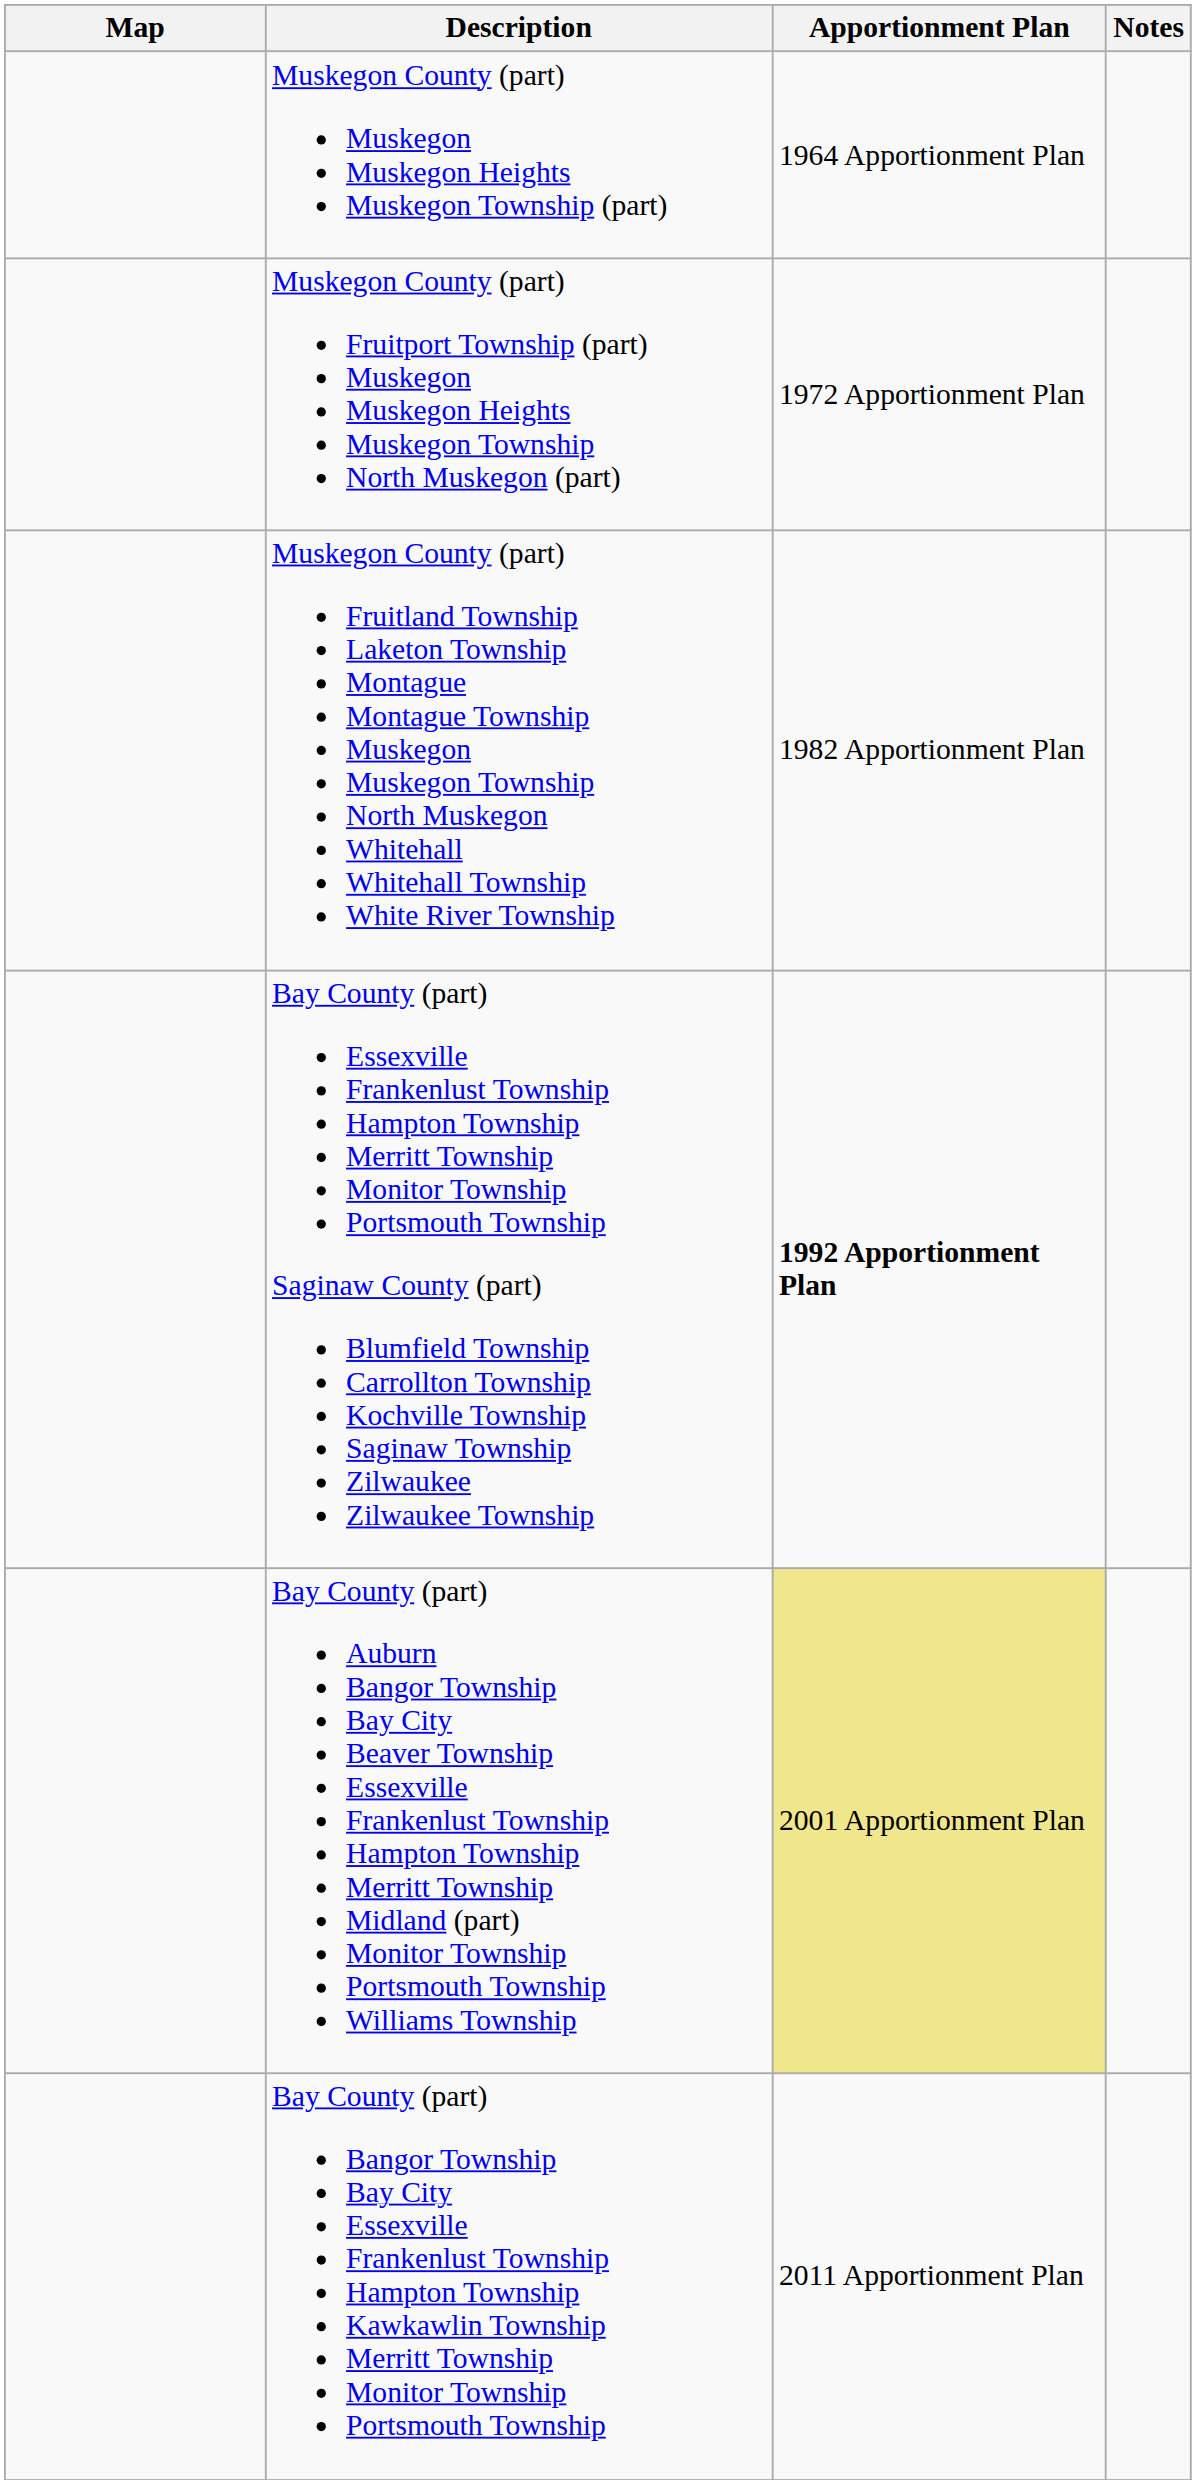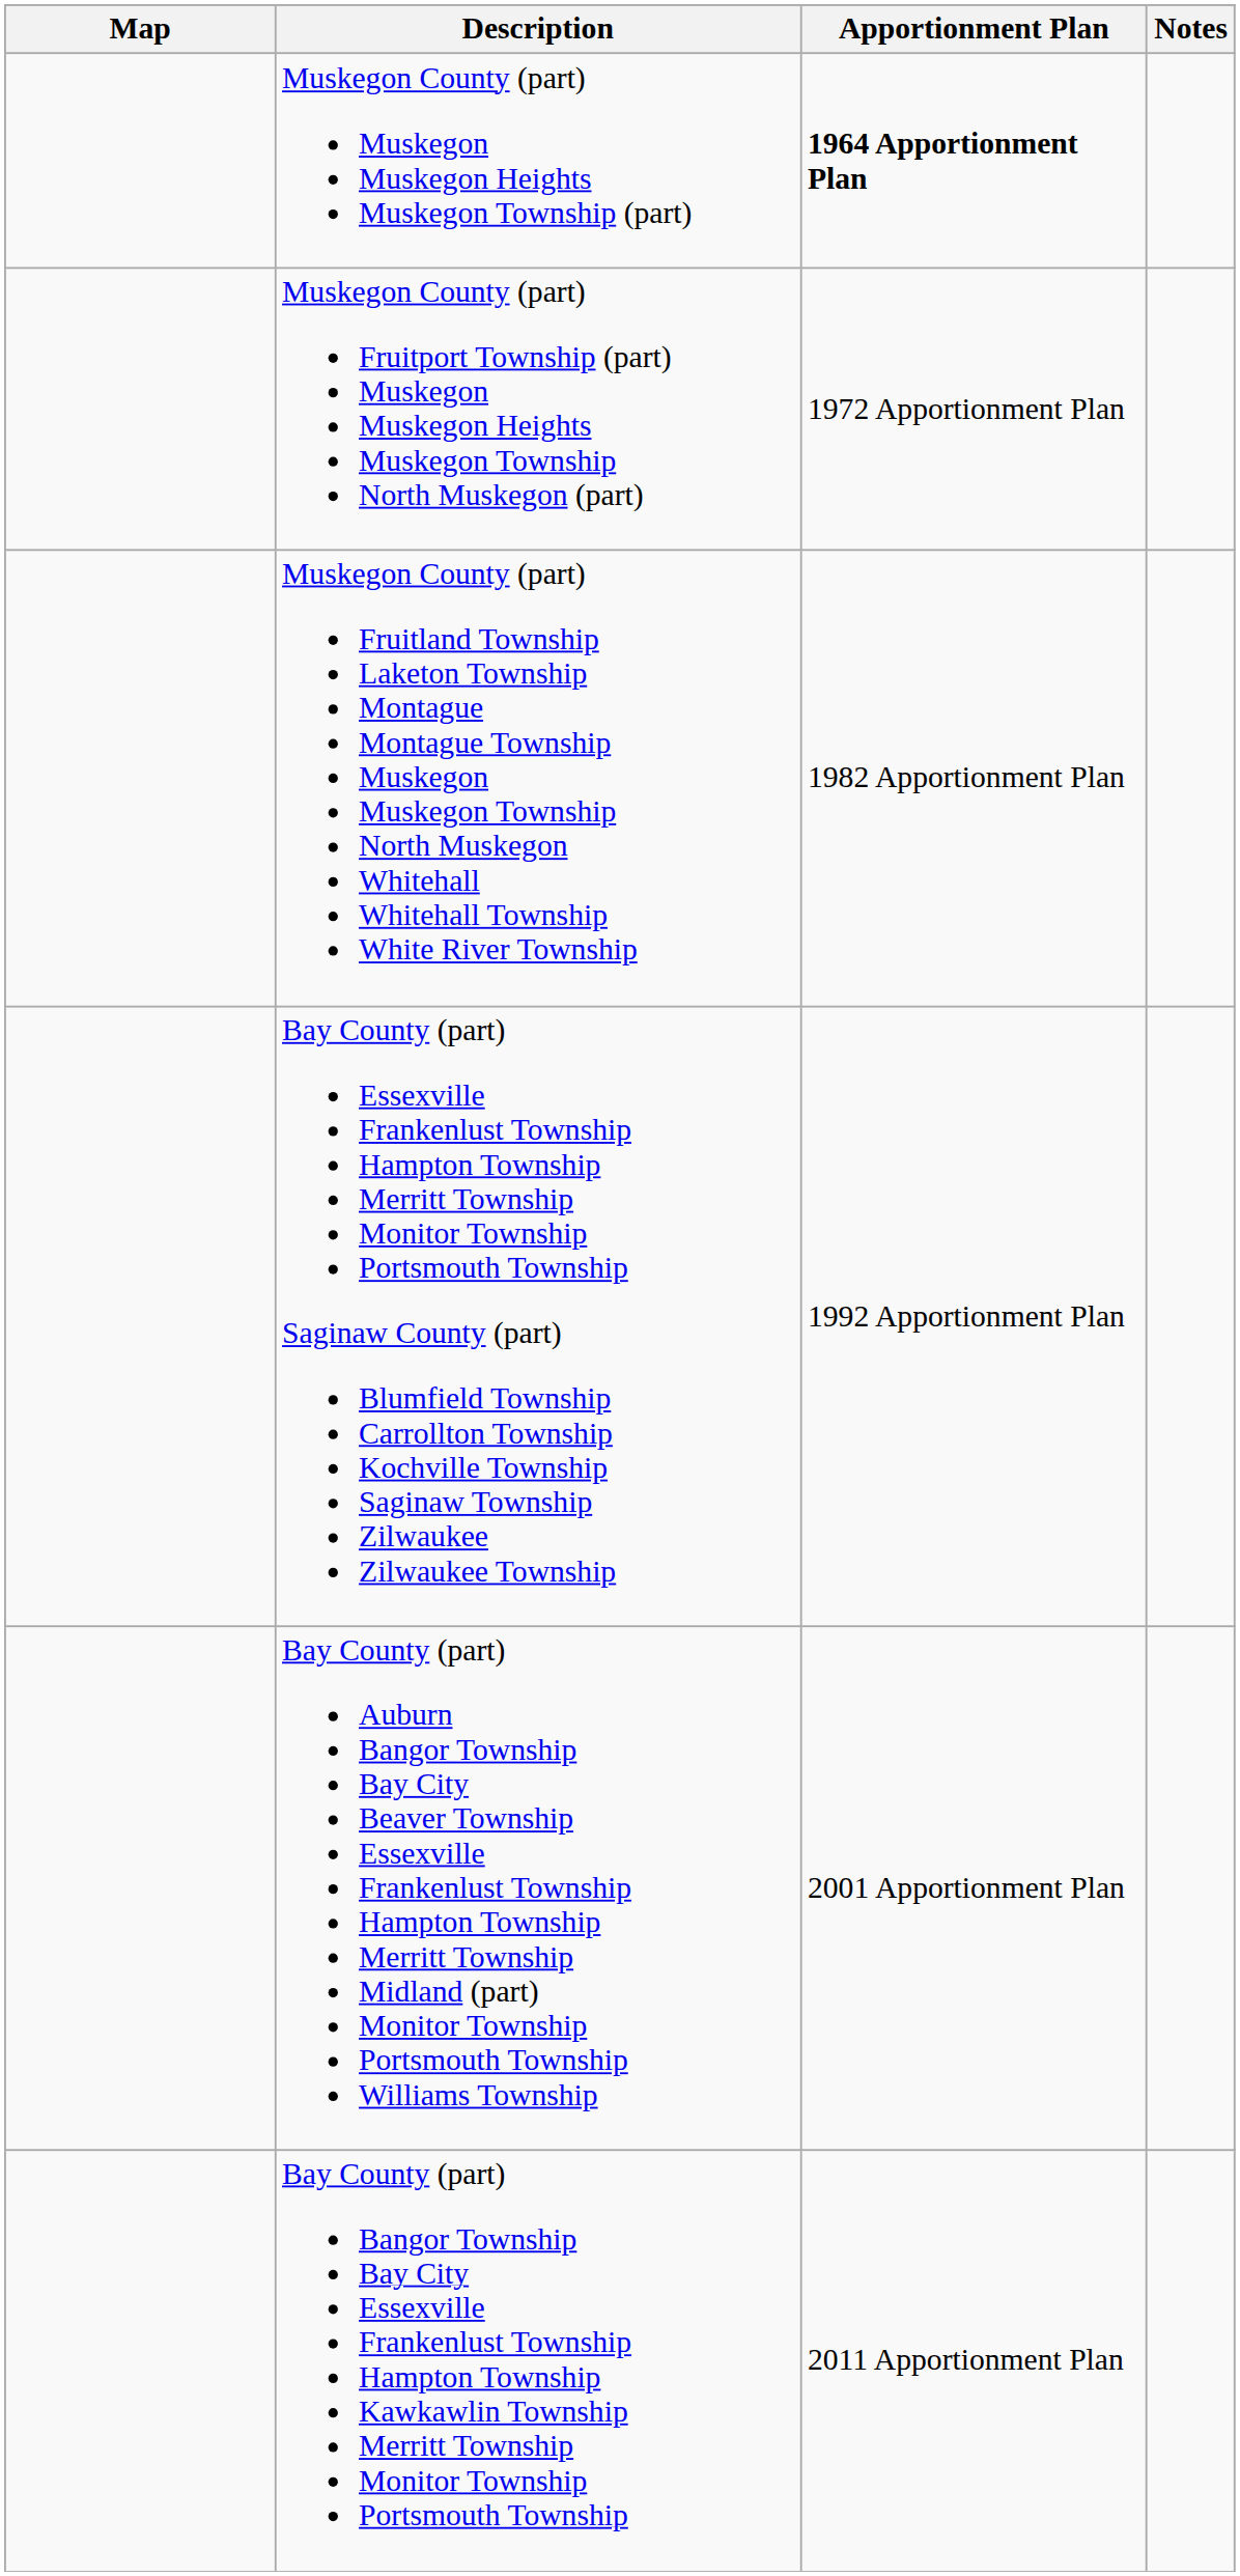 <table class="wikitable sortable">
 <tr>
 <th style="width:100pt;">Map</th>
 <th style="width:200pt;">Description</th>
 <th style="width:130pt;">Apportionment Plan</th>
 <th style="width:15pt;">Notes</th>
 </tr>
 <tr>
 <td></td>
 <td><a href='#'>Muskegon County</a> (part)<br><ul><li><a href='#'>Muskegon</a></li><li><a href='#'>Muskegon Heights</a></li><li><a href='#'>Muskegon Township</a> (part)</li></ul></td>
-<td>1964 Apportionment Plan</td>
+<td><strong>1964 Apportionment Plan</strong></td>
 <td></td>
 </tr>
 <tr>
 <td></td>
 <td><a href='#'>Muskegon County</a> (part)<br><ul><li><a href='#'>Fruitport Township</a> (part)</li><li><a href='#'>Muskegon</a></li><li><a href='#'>Muskegon Heights</a></li><li><a href='#'>Muskegon Township</a></li><li><a href='#'>North Muskegon</a> (part)</li></ul></td>
 <td>1972 Apportionment Plan</td>
 <td></td>
 </tr>
 <tr>
 <td></td>
 <td><a href='#'>Muskegon County</a> (part)<br><ul><li><a href='#'>Fruitland Township</a></li><li><a href='#'>Laketon Township</a></li><li><a href='#'>Montague</a></li><li><a href='#'>Montague Township</a></li><li><a href='#'>Muskegon</a></li><li><a href='#'>Muskegon Township</a></li><li><a href='#'>North Muskegon</a></li><li><a href='#'>Whitehall</a></li><li><a href='#'>Whitehall Township</a></li><li><a href='#'>White River Township</a></li></ul></td>
 <td>1982 Apportionment Plan</td>
 <td></td>
 </tr>
 <tr>
 <td></td>
 <td><a href='#'>Bay County</a> (part)<br><ul><li><a href='#'>Essexville</a></li><li><a href='#'>Frankenlust Township</a></li><li><a href='#'>Hampton Township</a></li><li><a href='#'>Merritt Township</a></li><li><a href='#'>Monitor Township</a></li><li><a href='#'>Portsmouth Township</a></li></ul><a href='#'>Saginaw County</a> (part)<ul><li><a href='#'>Blumfield Township</a></li><li><a href='#'>Carrollton Township</a></li><li><a href='#'>Kochville Township</a></li><li><a href='#'>Saginaw Township</a></li><li><a href='#'>Zilwaukee</a></li><li><a href='#'>Zilwaukee Township</a></li></ul></td>
-<td><strong>1992 Apportionment Plan</strong></td>
+<td>1992 Apportionment Plan</td>
 <td></td>
 </tr>
 <tr>
 <td></td>
 <td><a href='#'>Bay County</a> (part)<br><ul><li><a href='#'>Auburn</a></li><li><a href='#'>Bangor Township</a></li><li><a href='#'>Bay City</a></li><li><a href='#'>Beaver Township</a></li><li><a href='#'>Essexville</a></li><li><a href='#'>Frankenlust Township</a></li><li><a href='#'>Hampton Township</a></li><li><a href='#'>Merritt Township</a></li><li><a href='#'>Midland</a> (part)</li><li><a href='#'>Monitor Township</a></li><li><a href='#'>Portsmouth Township</a></li><li><a href='#'>Williams Township</a></li></ul></td>
-<td style="background: khaki;">2001 Apportionment Plan</td>
+<td>2001 Apportionment Plan</td>
 <td></td>
 </tr>
 <tr>
 <td></td>
 <td><a href='#'>Bay County</a> (part)<br><ul><li><a href='#'>Bangor Township</a></li><li><a href='#'>Bay City</a></li><li><a href='#'>Essexville</a></li><li><a href='#'>Frankenlust Township</a></li><li><a href='#'>Hampton Township</a></li><li><a href='#'>Kawkawlin Township</a></li><li><a href='#'>Merritt Township</a></li><li><a href='#'>Monitor Township</a></li><li><a href='#'>Portsmouth Township</a></li></ul></td>
 <td>2011 Apportionment Plan</td>
 <td></td>
 </tr>
 <tr>
 </tr>
 </table>
